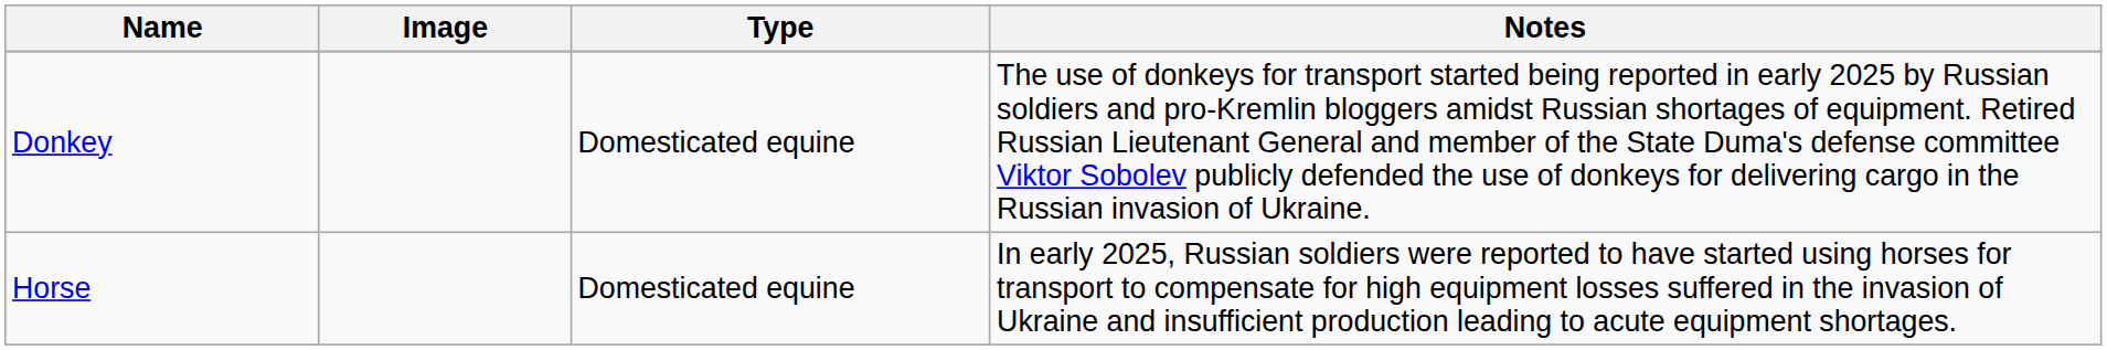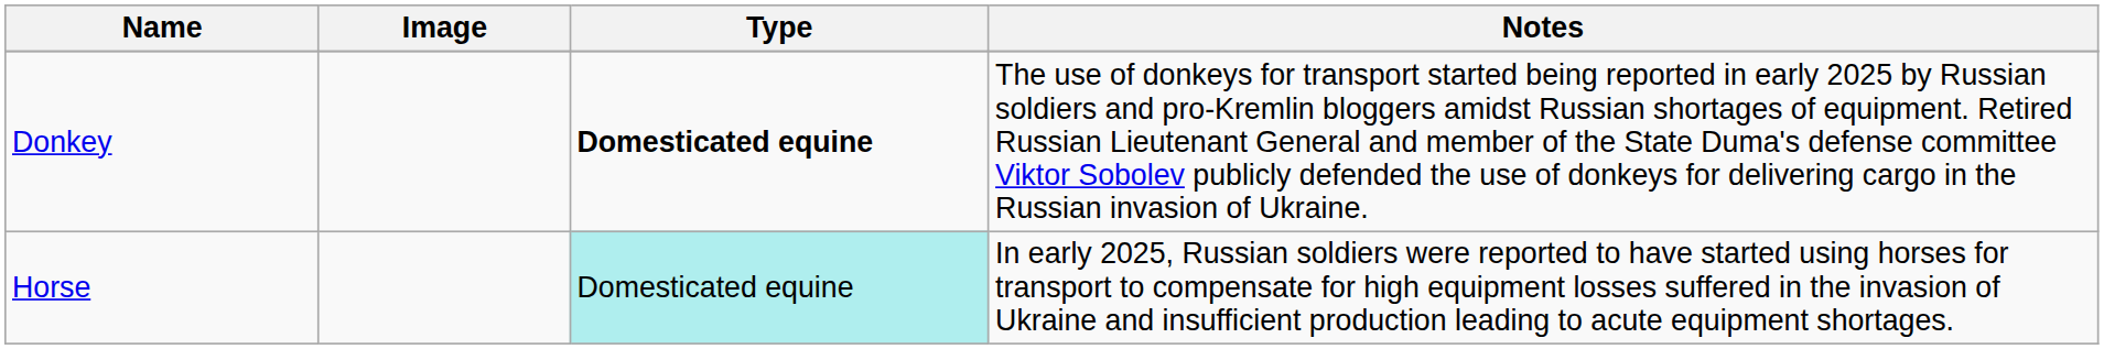 <table class="wikitable" style="width:90%;">
 <tr>
 <th style="width:15%;">Name</th>
 <th style="width:12%;">Image</th>
 <th style="width:20%;">Type</th>
 <th>Notes</th>
 </tr>
 <tr>
 </tr>
 <tr>
 <td><a href='#'>Donkey</a></td>
 <td></td>
-<td>Domesticated equine</td>
+<td><strong>Domesticated equine</strong></td>
 <td>The use of donkeys for transport started being reported in early 2025 by Russian soldiers and pro-Kremlin bloggers amidst Russian shortages of equipment. Retired Russian Lieutenant General and member of the State Duma's defense committee <a href='#'>Viktor Sobolev</a> publicly defended the use of donkeys for delivering cargo in the Russian invasion of Ukraine.</td>
 </tr>
 <tr>
 <td><a href='#'>Horse</a></td>
 <td></td>
-<td>Domesticated equine</td>
+<td style="background: paleturquoise;">Domesticated equine</td>
 <td>In early 2025, Russian soldiers were reported to have started using horses for transport to compensate for high equipment losses suffered in the invasion of Ukraine and insufficient production leading to acute equipment shortages.</td>
 </tr>
 </table>
